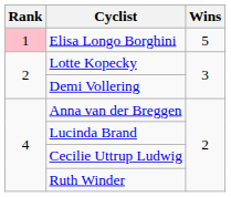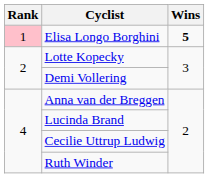 <table class=wikitable>
 <tr>
 <th>Rank</th>
 <th>Cyclist</th>
 <th>Wins</th>
 </tr>
 <tr>
 <td align=center rowspan=1 style="background: pink;">1</td>
 <td> <a href='#'>Elisa Longo Borghini</a></td>
-<td align=center rowspan=1>5</td>
+<td align=center rowspan=1><strong>5</strong></td>
 </tr>
 <tr>
 <td align=center rowspan=2>2</td>
 <td> <a href='#'>Lotte Kopecky</a></td>
 <td align=center rowspan=2>3</td>
 </tr>
 <tr>
 <td> <a href='#'>Demi Vollering</a></td>
 </tr>
 <tr>
 <td align=center rowspan=4>4</td>
 <td> <a href='#'>Anna van der Breggen</a></td>
 <td align=center rowspan=4>2</td>
 </tr>
 <tr>
 <td> <a href='#'>Lucinda Brand</a></td>
 </tr>
 <tr>
 <td> <a href='#'>Cecilie Uttrup Ludwig</a></td>
 </tr>
 <tr>
 <td> <a href='#'>Ruth Winder</a></td>
 </tr>
 </table>
